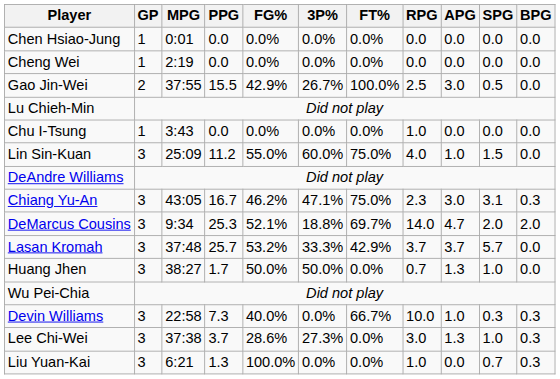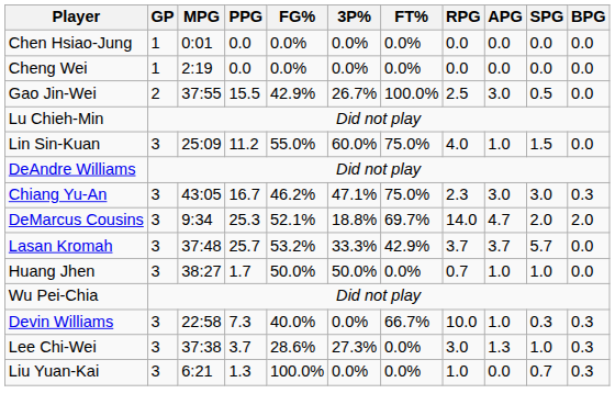 <table class="wikitable">
 <tr>
 <th>Player</th>
 <th>GP</th>
 <th>MPG</th>
 <th>PPG</th>
 <th>FG%</th>
 <th>3P%</th>
 <th>FT%</th>
 <th>RPG</th>
 <th>APG</th>
 <th>SPG</th>
 <th>BPG</th>
 </tr>
 <tr>
 <td>Chen Hsiao-Jung</td>
 <td>1</td>
 <td>0:01</td>
 <td>0.0</td>
 <td>0.0%</td>
 <td>0.0%</td>
 <td>0.0%</td>
 <td>0.0</td>
 <td>0.0</td>
 <td>0.0</td>
 <td>0.0</td>
 </tr>
 <tr>
 <td>Cheng Wei</td>
 <td>1</td>
 <td>2:19</td>
 <td>0.0</td>
 <td>0.0%</td>
 <td>0.0%</td>
 <td>0.0%</td>
 <td>0.0</td>
 <td>0.0</td>
 <td>0.0</td>
 <td>0.0</td>
 </tr>
 <tr>
 <td>Gao Jin-Wei</td>
 <td>2</td>
 <td>37:55</td>
 <td>15.5</td>
 <td>42.9%</td>
 <td>26.7%</td>
 <td>100.0%</td>
 <td>2.5</td>
 <td>3.0</td>
 <td>0.5</td>
 <td>0.0</td>
 </tr>
 <tr>
 <td>Lu Chieh-Min</td>
 <td colspan=10 align=center><em>Did not play</em></td>
 </tr>
 <tr>
-<td>Chu I-Tsung</td>
-<td>1</td>
-<td>3:43</td>
-<td>0.0</td>
-<td>0.0%</td>
-<td>0.0%</td>
-<td>0.0%</td>
-<td>1.0</td>
-<td>0.0</td>
-<td>0.0</td>
-<td>0.0</td>
-</tr>
-<tr>
 <td>Lin Sin-Kuan</td>
 <td>3</td>
 <td>25:09</td>
 <td>11.2</td>
 <td>55.0%</td>
 <td>60.0%</td>
 <td>75.0%</td>
 <td>4.0</td>
 <td>1.0</td>
 <td>1.5</td>
 <td>0.0</td>
 </tr>
 <tr>
 <td><a href='#'>DeAndre Williams</a></td>
 <td colspan=10 align=center><em>Did not play</em></td>
 </tr>
 <tr>
 <td><a href='#'>Chiang Yu-An</a></td>
 <td>3</td>
 <td>43:05</td>
 <td>16.7</td>
 <td>46.2%</td>
 <td>47.1%</td>
 <td>75.0%</td>
 <td>2.3</td>
 <td>3.0</td>
-<td>3.1</td>
+<td>3.0</td>
 <td>0.3</td>
 </tr>
 <tr>
 <td><a href='#'>DeMarcus Cousins</a></td>
 <td>3</td>
 <td>9:34</td>
 <td>25.3</td>
 <td>52.1%</td>
 <td>18.8%</td>
 <td>69.7%</td>
 <td>14.0</td>
 <td>4.7</td>
 <td>2.0</td>
 <td>2.0</td>
 </tr>
 <tr>
 <td><a href='#'>Lasan Kromah</a></td>
 <td>3</td>
 <td>37:48</td>
 <td>25.7</td>
 <td>53.2%</td>
 <td>33.3%</td>
 <td>42.9%</td>
 <td>3.7</td>
 <td>3.7</td>
 <td>5.7</td>
 <td>0.0</td>
 </tr>
 <tr>
 <td>Huang Jhen</td>
 <td>3</td>
 <td>38:27</td>
 <td>1.7</td>
 <td>50.0%</td>
 <td>50.0%</td>
 <td>0.0%</td>
 <td>0.7</td>
-<td>1.3</td>
+<td>1.0</td>
 <td>1.0</td>
 <td>0.0</td>
 </tr>
 <tr>
 <td>Wu Pei-Chia</td>
 <td colspan=10 align=center><em>Did not play</em></td>
 </tr>
 <tr>
 <td><a href='#'>Devin Williams</a></td>
 <td>3</td>
 <td>22:58</td>
 <td>7.3</td>
 <td>40.0%</td>
 <td>0.0%</td>
 <td>66.7%</td>
 <td>10.0</td>
 <td>1.0</td>
 <td>0.3</td>
 <td>0.3</td>
 </tr>
 <tr>
 <td>Lee Chi-Wei</td>
 <td>3</td>
 <td>37:38</td>
 <td>3.7</td>
 <td>28.6%</td>
 <td>27.3%</td>
 <td>0.0%</td>
 <td>3.0</td>
 <td>1.3</td>
 <td>1.0</td>
 <td>0.3</td>
 </tr>
 <tr>
 <td>Liu Yuan-Kai</td>
 <td>3</td>
 <td>6:21</td>
 <td>1.3</td>
 <td>100.0%</td>
 <td>0.0%</td>
 <td>0.0%</td>
 <td>1.0</td>
 <td>0.0</td>
 <td>0.7</td>
 <td>0.3</td>
 </tr>
 </table>
